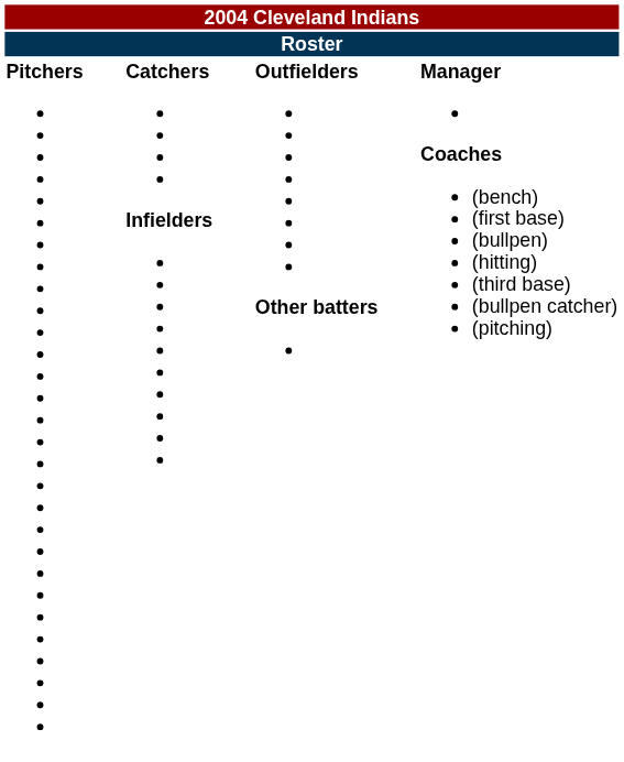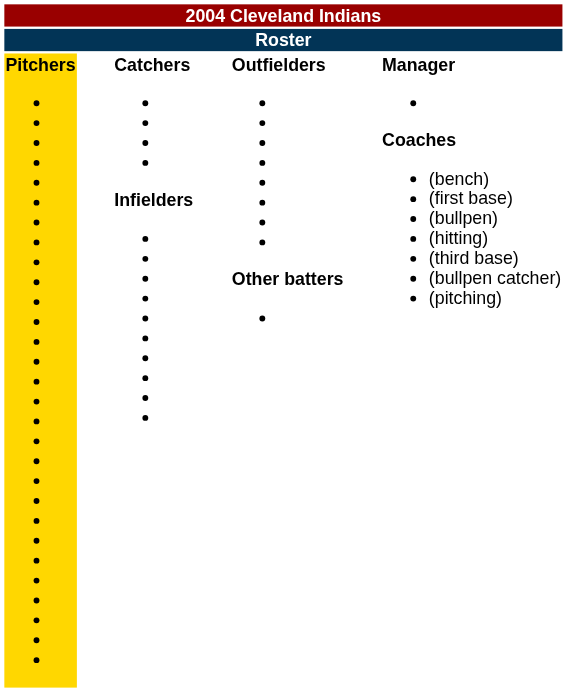 <table class="toccolours" style="font-size: 95%;">
 <tr>
 <th colspan="10" style="background-color: #990000; color: white; text-align: center;">2004 Cleveland Indians</th>
 </tr>
 <tr>
 <td colspan="10" style="background-color: #023456; color: #FFFFFF; text-align: center;"><strong>Roster</strong></td>
 </tr>
 <tr>
-<td valign="top"><strong>Pitchers</strong><br><ul><li></li><li></li><li></li><li></li><li></li><li></li><li></li><li></li><li></li><li></li><li></li><li></li><li></li><li></li><li></li><li></li><li></li><li></li><li></li><li></li><li></li><li></li><li></li><li></li><li></li><li></li><li></li><li></li><li></li></ul></td>
+<td valign="top" style="background: gold;"><strong>Pitchers</strong><br><ul><li></li><li></li><li></li><li></li><li></li><li></li><li></li><li></li><li></li><li></li><li></li><li></li><li></li><li></li><li></li><li></li><li></li><li></li><li></li><li></li><li></li><li></li><li></li><li></li><li></li><li></li><li></li><li></li><li></li></ul></td>
 <td width="25px"></td>
 <td valign="top"><strong>Catchers</strong><br><ul><li></li><li></li><li></li><li></li></ul><strong>Infielders</strong><ul><li></li><li></li><li></li><li></li><li></li><li></li><li></li><li></li><li></li><li></li></ul></td>
 <td width="25px"></td>
 <td valign="top"><strong>Outfielders</strong><br><ul><li></li><li></li><li></li><li></li><li></li><li></li><li></li><li></li></ul><strong>Other batters</strong><ul><li></li></ul></td>
 <td width="25px"></td>
 <td valign="top"><strong>Manager</strong><br><ul><li></li></ul><strong>Coaches</strong><ul><li> (bench)</li><li> (first base)</li><li> (bullpen)</li><li> (hitting)</li><li> (third base)</li><li> (bullpen catcher)</li><li> (pitching)</li></ul></td>
 </tr>
 </table>
